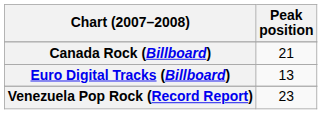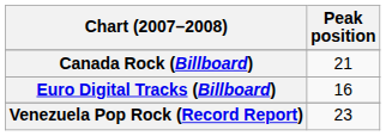 <table class="wikitable plainrowheaders sortable" style="text-align:center">
 <tr>
 <th scope="col">Chart (2007–2008)</th>
 <th scope="col">Peak<br>position</th>
 </tr>
 <tr>
 </tr>
 <tr>
 </tr>
 <tr>
 </tr>
 <tr>
 <th scope="row">Canada Rock (<em><a href='#'>Billboard</a></em>)</th>
 <td>21</td>
 </tr>
 <tr>
 </tr>
 <tr>
 <th scope="row"><a href='#'>Euro Digital Tracks</a> (<em><a href='#'>Billboard</a></em>)</th>
-<td>13</td>
+<td>16</td>
 </tr>
 <tr>
 </tr>
 <tr>
 </tr>
 <tr>
 </tr>
 <tr>
 </tr>
 <tr>
 </tr>
 <tr>
 </tr>
 <tr>
 </tr>
 <tr>
 </tr>
 <tr>
 <th scope="row">Venezuela Pop Rock (<a href='#'>Record Report</a>)</th>
 <td>23</td>
 </tr>
 </table>
